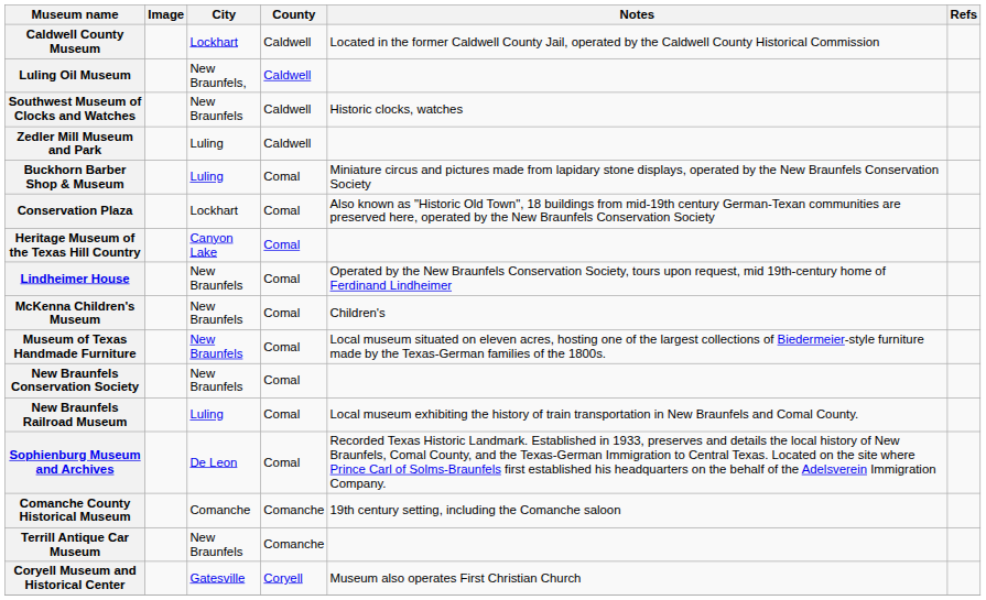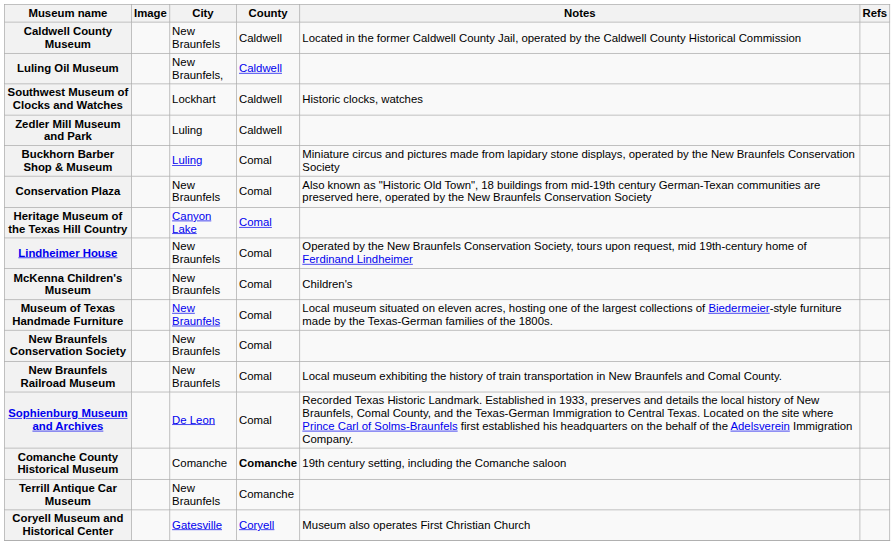 <table class="wikitable sortable plainrowheaders">
 <tr>
 <th scope="col">Museum name</th>
 <th scope="col"  class="unsortable">Image</th>
 <th scope="col">City</th>
 <th scope="col">County</th>
 <th scope="col">Notes</th>
 <th scope="col" class="unsortable">Refs</th>
 </tr>
 <tr>
 <th scope="row">Caldwell County Museum</th>
 <td></td>
-<td><a href='#'>Lockhart</a></td>
+<td>New Braunfels</td>
 <td>Caldwell</td>
 <td>Located in the former Caldwell County Jail, operated by the Caldwell County Historical Commission</td>
 <td align="center"></td>
 </tr>
 <tr>
 <th scope="row">Luling Oil Museum</th>
 <td></td>
 <td>New Braunfels,</td>
 <td><a href='#'>Caldwell</a></td>
 <td></td>
 <td align="center"></td>
 </tr>
 <tr>
 <th scope="row">Southwest Museum of Clocks and Watches</th>
 <td></td>
-<td>New Braunfels</td>
+<td>Lockhart</td>
 <td>Caldwell</td>
 <td>Historic clocks, watches</td>
 <td align="center"></td>
 </tr>
 <tr>
 <th scope="row">Zedler Mill Museum and Park</th>
 <td></td>
 <td>Luling</td>
 <td>Caldwell</td>
 <td></td>
 <td align="center"></td>
 </tr>
 <tr>
 <th scope="row">Buckhorn Barber Shop & Museum</th>
 <td></td>
 <td><a href='#'>Luling</a></td>
 <td>Comal</td>
 <td>Miniature circus and pictures made from lapidary stone displays, operated by the New Braunfels Conservation Society</td>
 <td align="center"></td>
 </tr>
 <tr>
 <th scope="row">Conservation Plaza</th>
 <td></td>
-<td>Lockhart</td>
+<td>New Braunfels</td>
 <td>Comal</td>
 <td>Also known as "Historic Old Town", 18 buildings from mid-19th century German-Texan communities are preserved here, operated by the New Braunfels Conservation Society</td>
 <td align="center"></td>
 </tr>
 <tr>
 <th scope="row">Heritage Museum of the Texas Hill Country</th>
 <td></td>
 <td><a href='#'>Canyon Lake</a></td>
 <td><a href='#'>Comal</a></td>
 <td></td>
 <td align="center"></td>
 </tr>
 <tr>
 <th scope="row"><a href='#'>Lindheimer House</a></th>
 <td></td>
 <td>New Braunfels</td>
 <td>Comal</td>
 <td>Operated by the New Braunfels Conservation Society, tours upon request, mid 19th-century home of <a href='#'>Ferdinand Lindheimer</a></td>
 <td align="center"></td>
 </tr>
 <tr>
 <th scope="row">McKenna Children's Museum</th>
 <td></td>
 <td>New Braunfels</td>
 <td>Comal</td>
 <td>Children's</td>
 <td align="center"></td>
 </tr>
 <tr>
 <th scope="row">Museum of Texas Handmade Furniture</th>
 <td></td>
 <td><a href='#'>New Braunfels</a></td>
 <td>Comal</td>
 <td>Local museum situated on eleven acres, hosting one of the largest collections of <a href='#'>Biedermeier</a>-style furniture made by the Texas-German families of the 1800s.</td>
 <td align="center"></td>
 </tr>
 <tr>
 <th scope="row">New Braunfels Conservation Society</th>
 <td></td>
 <td>New Braunfels</td>
 <td>Comal</td>
 <td></td>
 <td align="center"></td>
 </tr>
 <tr>
 <th scope="row">New Braunfels Railroad Museum</th>
 <td></td>
-<td><a href='#'>Luling</a></td>
+<td>New Braunfels</td>
 <td>Comal</td>
 <td>Local museum exhibiting the history of train transportation in New Braunfels and Comal County.</td>
 <td align="center"></td>
 </tr>
 <tr>
 <th scope="row"><a href='#'>Sophienburg Museum and Archives</a></th>
 <td></td>
 <td><a href='#'>De Leon</a></td>
 <td>Comal</td>
 <td>Recorded Texas Historic Landmark. Established in 1933, preserves and details the local history of New Braunfels, Comal County, and the Texas-German Immigration to Central Texas. Located on the site where <a href='#'>Prince Carl of Solms-Braunfels</a> first established his headquarters on the behalf of the <a href='#'>Adelsverein</a> Immigration Company.</td>
 <td align="center"></td>
 </tr>
 <tr>
 <th scope="row">Comanche County Historical Museum</th>
 <td></td>
 <td>Comanche</td>
-<td>Comanche</td>
+<td><strong>Comanche</strong></td>
 <td>19th century setting, including the  Comanche saloon</td>
 <td align="center"></td>
 </tr>
 <tr>
 <th scope="row">Terrill Antique Car Museum</th>
 <td></td>
 <td>New Braunfels</td>
 <td>Comanche</td>
 <td></td>
 <td align="center"></td>
 </tr>
 <tr>
 <th scope="row">Coryell Museum and Historical Center</th>
 <td></td>
 <td><a href='#'>Gatesville</a></td>
 <td><a href='#'>Coryell</a></td>
 <td>Museum also operates First Christian Church</td>
 <td align="center"></td>
 </tr>
 <tr>
 </tr>
 </table>
